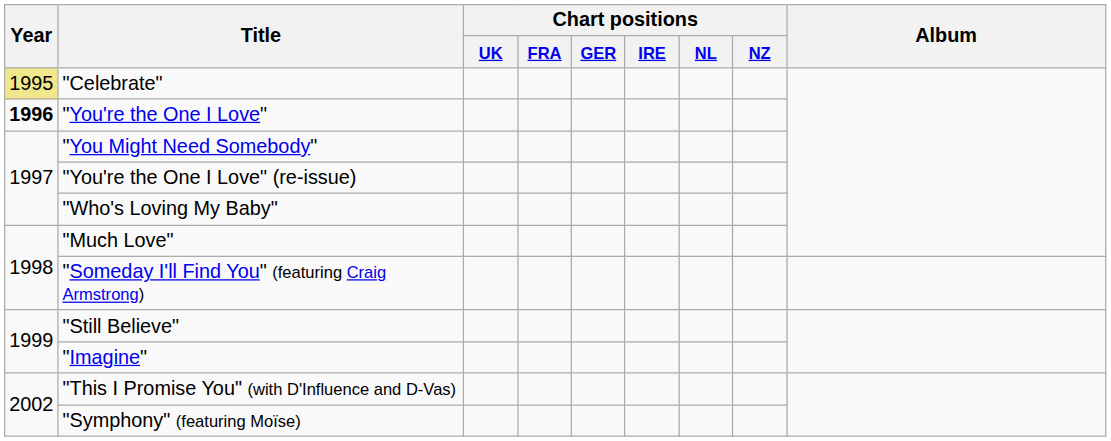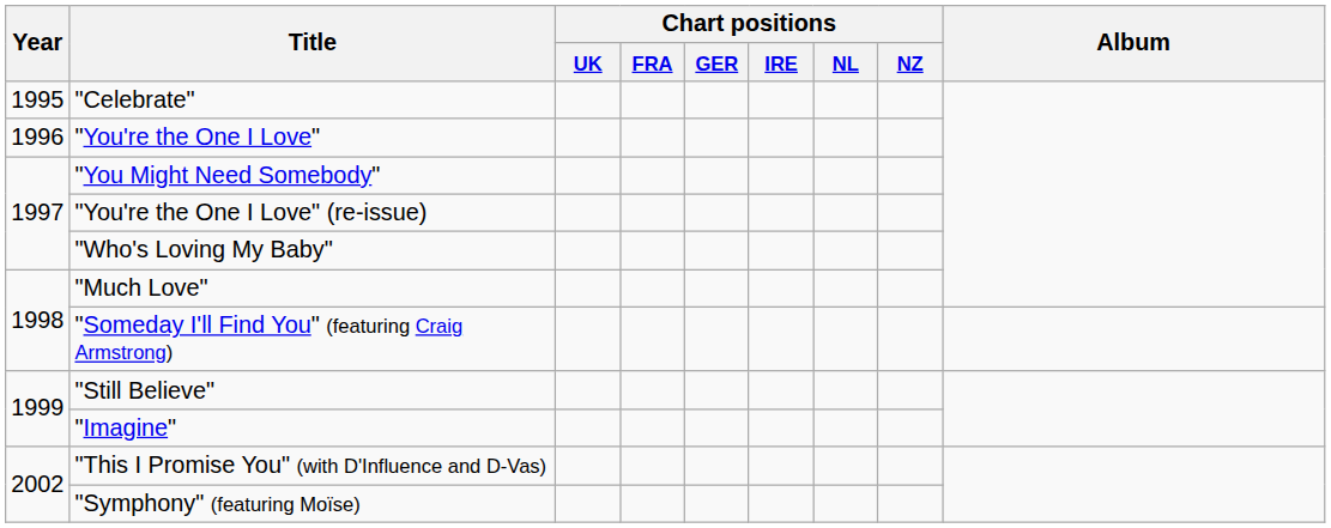 <table class="wikitable">
 <tr>
 <th style="width:3px;;" rowspan="2">Year</th>
 <th style="width:320px;" rowspan="2">Title</th>
 <th colspan="6">Chart positions</th>
 <th style="width:250px;" rowspan="2">Album</th>
 </tr>
 <tr>
 <th style="width:36px;"><small><a href='#'>UK</a></small><br></th>
 <th style="width:36px;"><small><a href='#'>FRA</a></small><br></th>
 <th style="width:36px;"><small><a href='#'>GER</a></small><br></th>
 <th style="width:36px;"><small><a href='#'>IRE</a></small><br></th>
 <th style="width:36px;"><small><a href='#'>NL</a></small><br></th>
 <th style="width:36px;"><small><a href='#'>NZ</a></small><br></th>
 </tr>
 <tr>
-<td style="background: khaki;">1995</td>
+<td>1995</td>
 <td>"Celebrate"</td>
 <td></td>
 <td></td>
 <td></td>
 <td></td>
 <td></td>
 <td></td>
 <td rowspan="6"></td>
 </tr>
 <tr>
-<td><strong>1996</strong></td>
+<td>1996</td>
 <td>"<a href='#'>You're the One I Love</a>"</td>
 <td></td>
 <td></td>
 <td></td>
 <td></td>
 <td></td>
 <td></td>
 </tr>
 <tr>
 <td rowspan="3">1997</td>
 <td>"<a href='#'>You Might Need Somebody</a>"</td>
 <td></td>
 <td></td>
 <td></td>
 <td></td>
 <td></td>
 <td></td>
 </tr>
 <tr>
 <td>"You're the One I Love" (re-issue)</td>
 <td></td>
 <td></td>
 <td></td>
 <td></td>
 <td></td>
 <td></td>
 </tr>
 <tr>
 <td>"Who's Loving My Baby"</td>
 <td></td>
 <td></td>
 <td></td>
 <td></td>
 <td></td>
 <td></td>
 </tr>
 <tr>
 <td rowspan="2">1998</td>
 <td>"Much Love"</td>
 <td></td>
 <td></td>
 <td></td>
 <td></td>
 <td></td>
 <td></td>
 </tr>
 <tr>
 <td>"<a href='#'>Someday I'll Find You</a>" <small>(featuring <a href='#'>Craig Armstrong</a>)</small></td>
 <td></td>
 <td></td>
 <td></td>
 <td></td>
 <td></td>
 <td></td>
 <td></td>
 </tr>
 <tr>
 <td rowspan="2">1999</td>
 <td>"Still Believe"</td>
 <td></td>
 <td></td>
 <td></td>
 <td></td>
 <td></td>
 <td></td>
 <td rowspan="2"></td>
 </tr>
 <tr>
 <td>"<a href='#'>Imagine</a>"</td>
 <td></td>
 <td></td>
 <td></td>
 <td></td>
 <td></td>
 <td></td>
 </tr>
 <tr>
 <td rowspan="2">2002</td>
 <td>"This I Promise You" <small>(with D'Influence and D-Vas)</small></td>
 <td></td>
 <td></td>
 <td></td>
 <td></td>
 <td></td>
 <td></td>
 <td rowspan="2"></td>
 </tr>
 <tr>
 <td>"Symphony" <small>(featuring Moïse)</small></td>
 <td></td>
 <td></td>
 <td></td>
 <td></td>
 <td></td>
 <td></td>
 </tr>
 </table>
